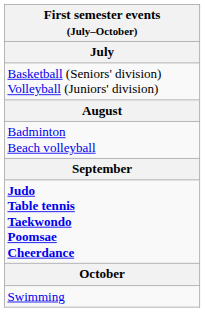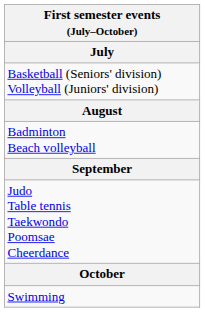 <table class="wikitable" style="text-align: left ; font-size:95%;">
 <tr>
 <th width="220px">First semester events<br><small>(July–October)</small></th>
 </tr>
 <tr>
 <th>July</th>
 </tr>
 <tr>
 <td> <a href='#'>Basketball</a> (Seniors' division)<br> <a href='#'>Volleyball</a> (Juniors' division)</td>
 </tr>
 <tr>
 <th>August</th>
 </tr>
 <tr>
 <td> <a href='#'>Badminton</a><br> <a href='#'>Beach volleyball</a></td>
 </tr>
 <tr>
 <th>September</th>
 </tr>
 <tr>
-<td><strong> <a href='#'>Judo</a><br> <a href='#'>Table tennis</a><br>   <a href='#'>Taekwondo</a><br> <a href='#'>Poomsae</a><br>  <a href='#'>Cheerdance</a></strong></td>
+<td> <a href='#'>Judo</a><br> <a href='#'>Table tennis</a><br>   <a href='#'>Taekwondo</a><br> <a href='#'>Poomsae</a><br>  <a href='#'>Cheerdance</a></td>
 </tr>
 <tr>
 <th>October</th>
 </tr>
 <tr>
 <td> <a href='#'>Swimming</a></td>
 </tr>
 </table>
